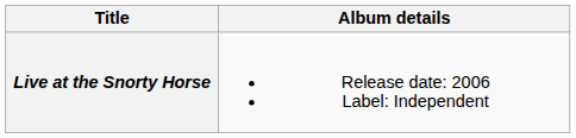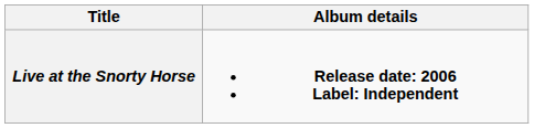 <table class="wikitable plainrowheaders" style="text-align:center;">
 <tr>
 <th style="width:12em;">Title</th>
 <th style="width:20em;">Album details</th>
 </tr>
 <tr>
 <th scope="row"><em>Live at the Snorty Horse</em></th>
-<td><br><ul><li>Release date: 2006</li><li>Label: Independent</li></ul></td>
+<td><strong><br><ul><li>Release date: 2006</li><li>Label: Independent</li></ul></strong></td>
 </tr>
 </table>
